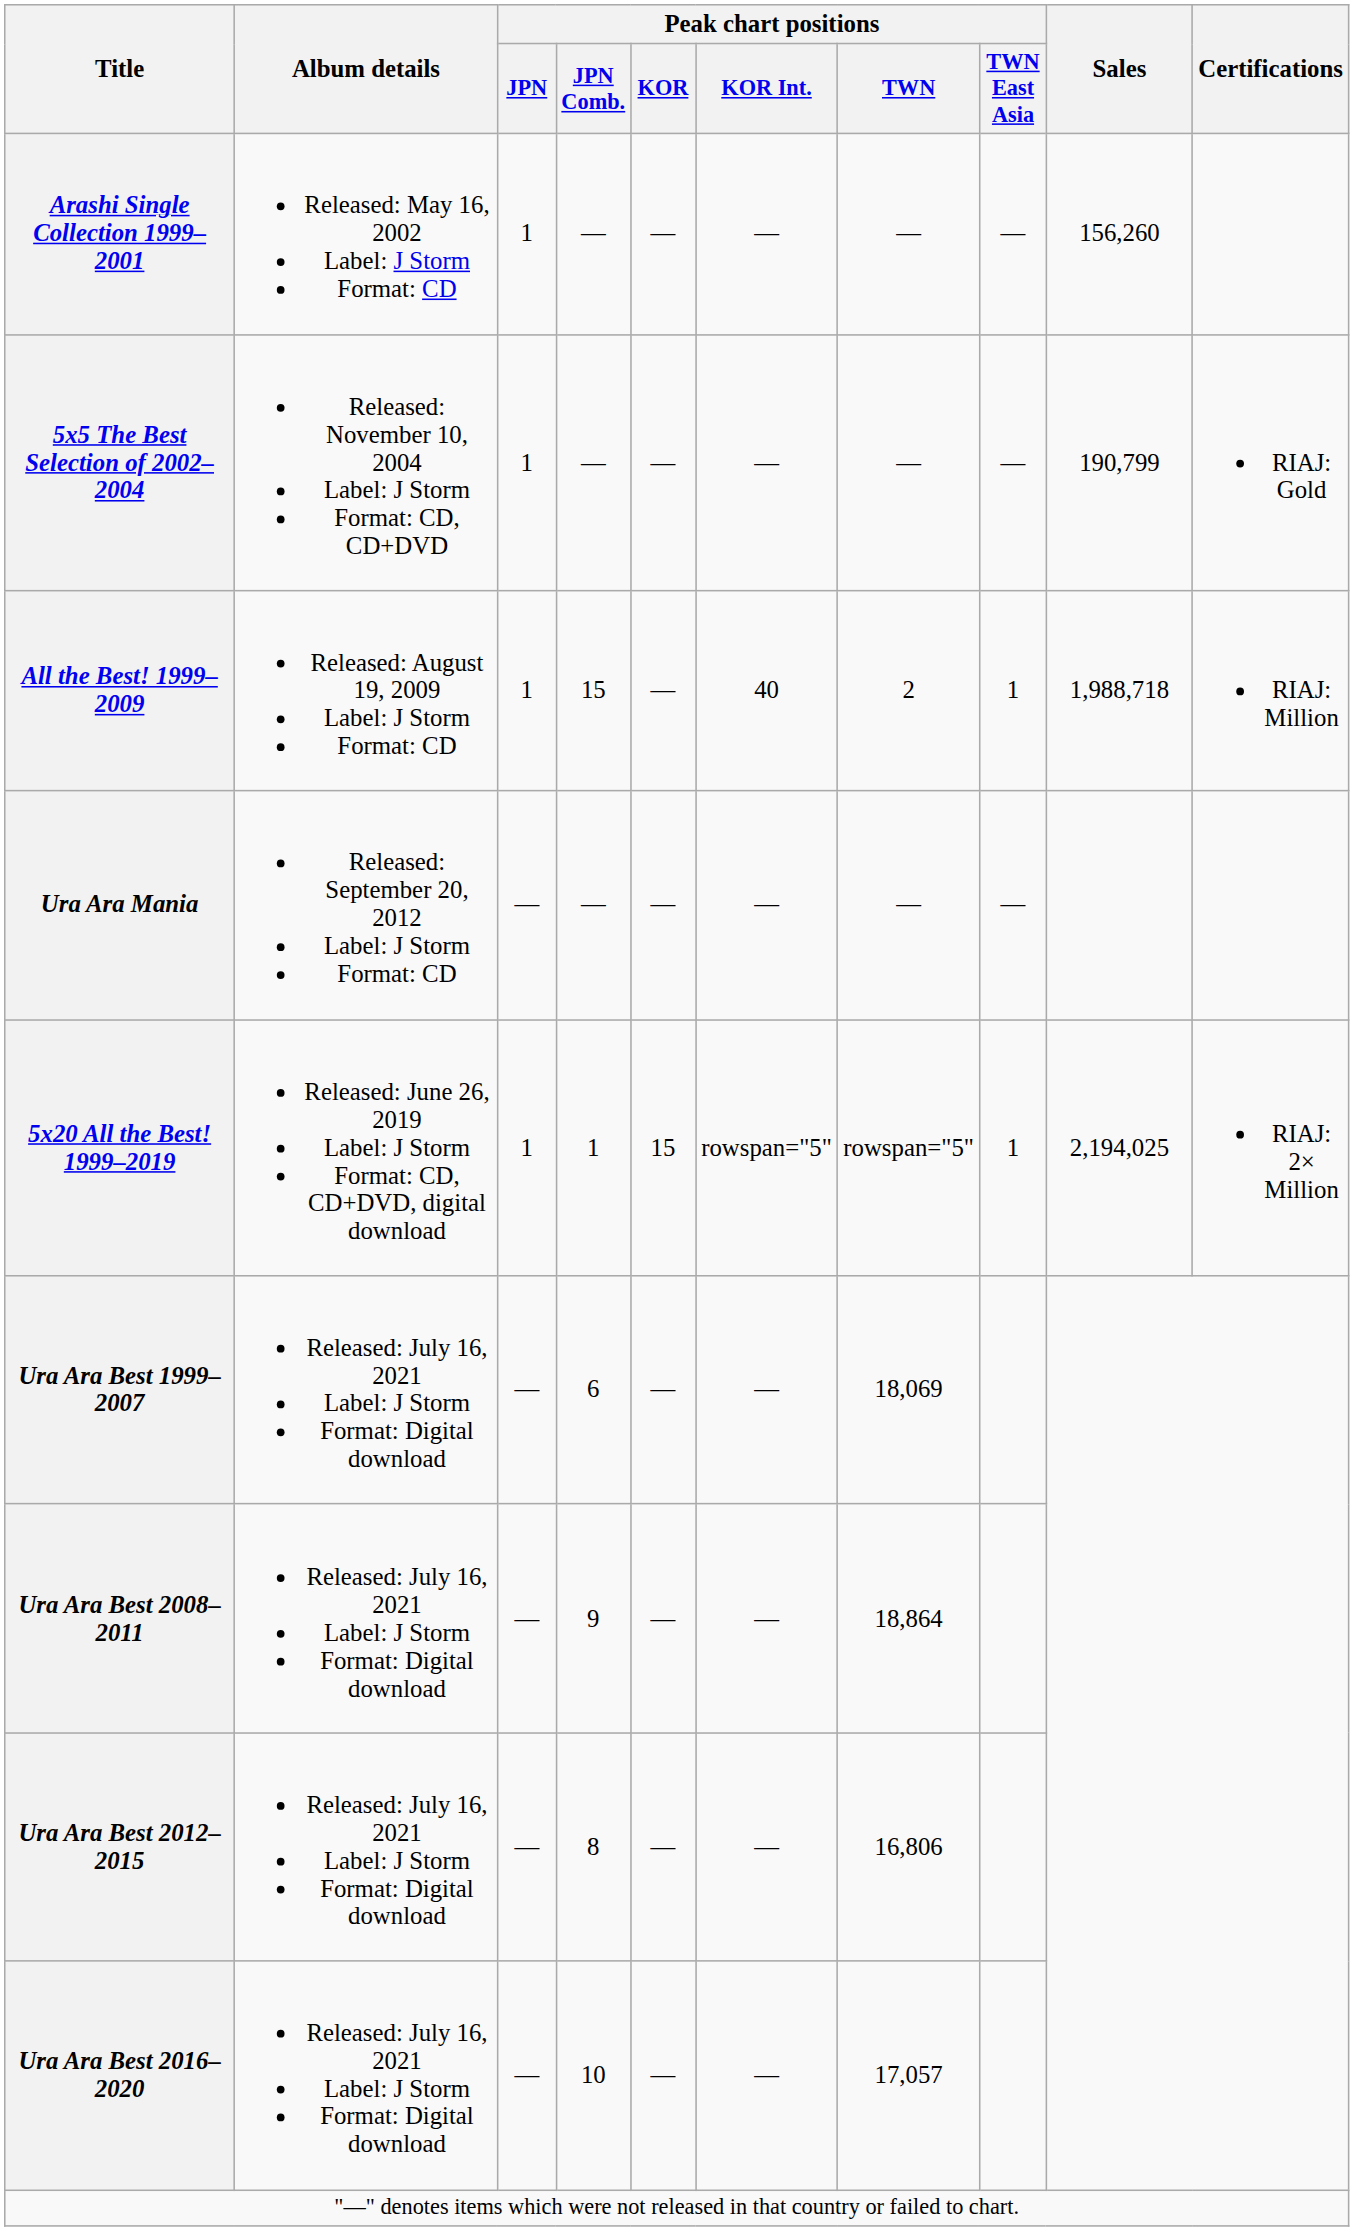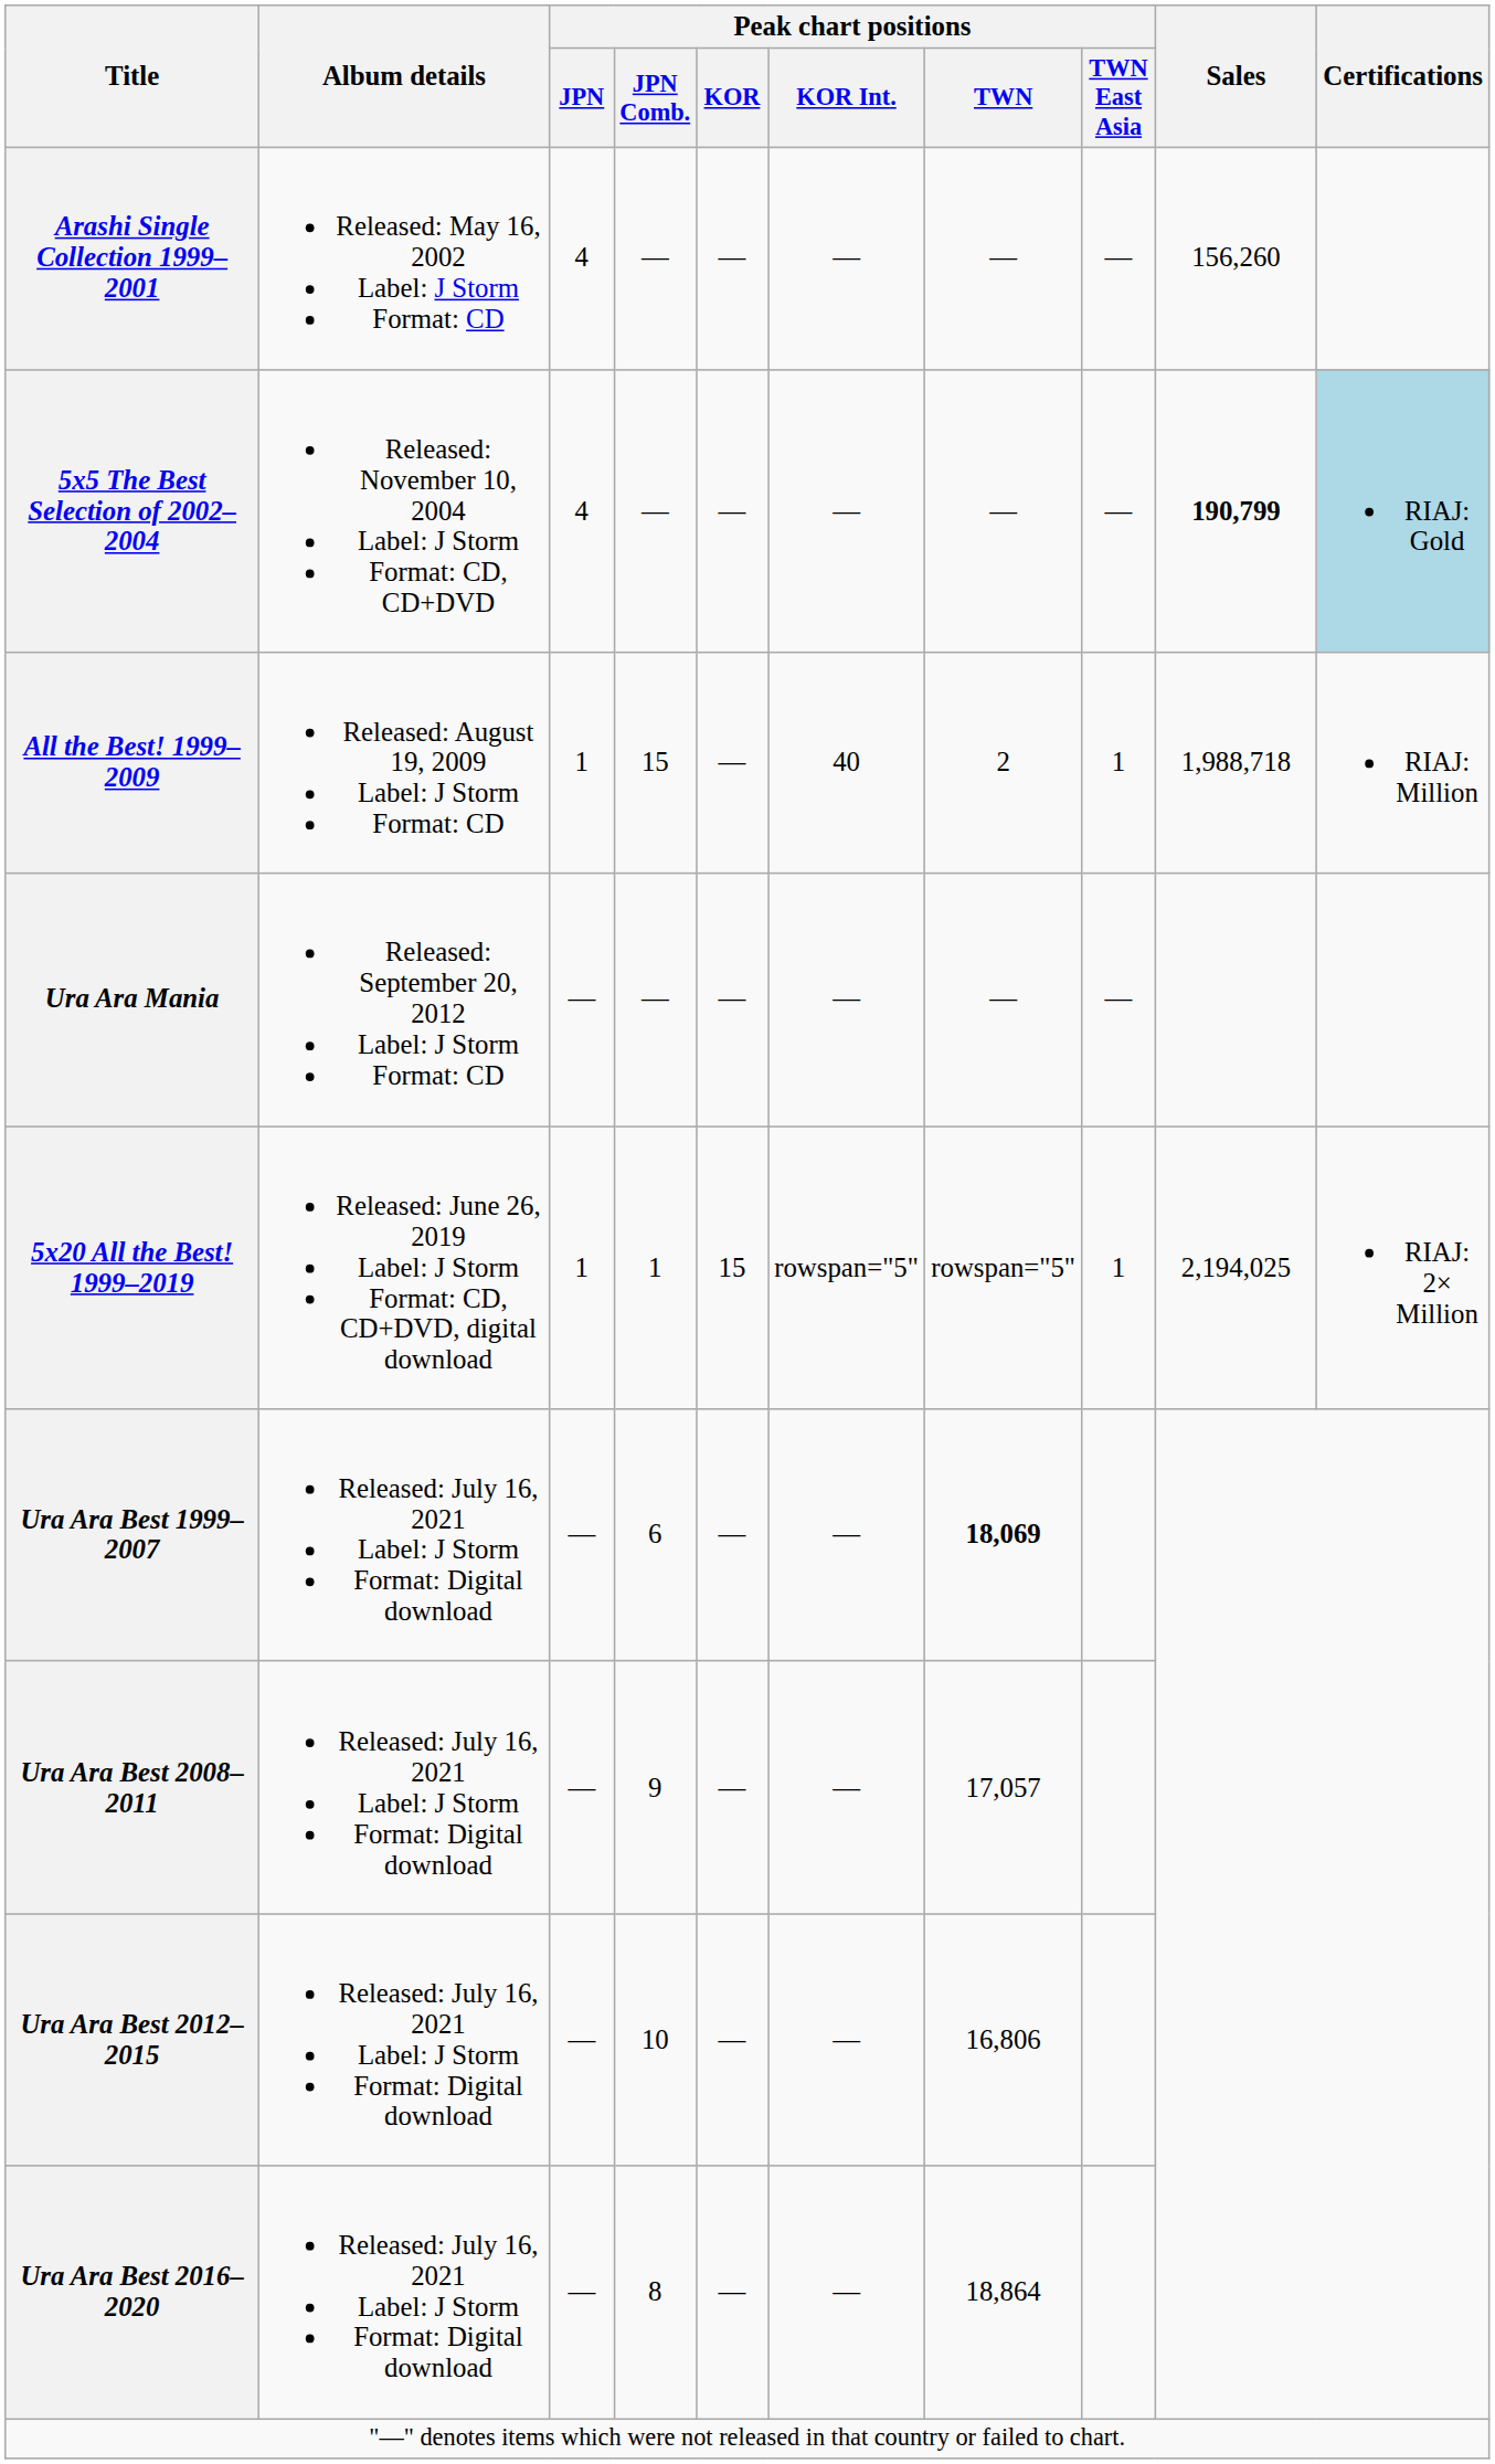 <table class="wikitable plainrowheaders" style="text-align:center;" border="1">
 <tr>
 <th scope="col" rowspan="2" style="width:17em;">Title</th>
 <th scope="col" rowspan="2" style="width:16em;">Album details</th>
 <th scope="col" colspan="6">Peak chart positions</th>
 <th rowspan="2" style="width:8em;">Sales</th>
 <th rowspan="2" scope="col">Certifications</th>
 </tr>
 <tr>
 <th scope="col" style="width:2.75em;font-size:90%;"><a href='#'>JPN</a><br></th>
 <th scope="col" style="width:2.75em;font-size:90%;"><a href='#'>JPN<br>Comb.</a><br></th>
 <th scope="col" style="width:2.75em;font-size:90%;"><a href='#'>KOR</a><br></th>
 <th scope="col" style="width:2.75em;font-size:90%;"><a href='#'>KOR Int.</a><br></th>
 <th scope="col" style="width:2.75em;font-size:90%;"><a href='#'>TWN</a><br></th>
 <th scope="col" style="width:2.75em;font-size:90%;"><a href='#'>TWN East Asia</a><br></th>
 </tr>
 <tr>
 <th scope="row"><em><a href='#'>Arashi Single Collection 1999–2001</a></em></th>
 <td><br><ul><li>Released: May 16, 2002</li><li>Label: <a href='#'>J Storm</a></li><li>Format: <a href='#'>CD</a></li></ul></td>
-<td>1</td>
+<td>4</td>
 <td>—</td>
 <td>—</td>
 <td>—</td>
 <td>—</td>
 <td>—</td>
 <td>156,260</td>
 <td></td>
 </tr>
 <tr>
 <th scope="row"><em><a href='#'>5x5 The Best Selection of 2002–2004</a></em></th>
 <td><br><ul><li>Released: November 10, 2004</li><li>Label: J Storm</li><li>Format: CD, CD+DVD</li></ul></td>
-<td>1</td>
+<td>4</td>
 <td>—</td>
 <td>—</td>
 <td>—</td>
 <td>—</td>
 <td>—</td>
-<td>190,799</td>
-<td><br><ul><li>RIAJ: Gold</li></ul></td>
+<td><strong>190,799</strong></td>
+<td style="background: lightblue;"><br><ul><li>RIAJ: Gold</li></ul></td>
 </tr>
 <tr>
 <th scope="row"><em><a href='#'>All the Best! 1999–2009</a></em></th>
 <td><br><ul><li>Released: August 19, 2009</li><li>Label: J Storm</li><li>Format: CD</li></ul></td>
 <td>1</td>
 <td>15</td>
 <td>—</td>
 <td>40</td>
 <td>2</td>
 <td>1</td>
 <td>1,988,718</td>
 <td><br><ul><li>RIAJ: Million</li></ul></td>
 </tr>
 <tr>
 <th scope="row"><em>Ura Ara Mania</em></th>
 <td><br><ul><li>Released: September 20, 2012</li><li>Label: J Storm</li><li>Format: CD</li></ul></td>
 <td>—</td>
 <td>—</td>
 <td>—</td>
 <td>—</td>
 <td>—</td>
 <td>—</td>
 <td></td>
 <td></td>
 </tr>
 <tr>
 <th scope="row"><em><a href='#'>5x20 All the Best! 1999–2019</a></em></th>
 <td><br><ul><li>Released: June 26, 2019</li><li>Label: J Storm</li><li>Format: CD, CD+DVD, digital download</li></ul></td>
 <td>1</td>
 <td>1</td>
 <td>15</td>
 <td>rowspan="5" </td>
 <td>rowspan="5" </td>
 <td>1</td>
 <td>2,194,025</td>
 <td><br><ul><li>RIAJ: 2× Million</li></ul></td>
 </tr>
 <tr>
 <th scope="row"><em>Ura Ara Best 1999–2007</em></th>
 <td><br><ul><li>Released: July 16, 2021</li><li>Label: J Storm</li><li>Format: Digital download</li></ul></td>
 <td>—</td>
 <td>6</td>
 <td>—</td>
 <td>—</td>
-<td>18,069</td>
+<td><strong>18,069</strong></td>
 <td></td>
 </tr>
 <tr>
 <th scope="row"><em>Ura Ara Best 2008–2011</em></th>
 <td><br><ul><li>Released: July 16, 2021</li><li>Label: J Storm</li><li>Format: Digital download</li></ul></td>
 <td>—</td>
 <td>9</td>
 <td>—</td>
 <td>—</td>
-<td>18,864</td>
+<td>17,057</td>
 <td></td>
 </tr>
 <tr>
 <th scope="row"><em>Ura Ara Best 2012–2015</em></th>
 <td><br><ul><li>Released: July 16, 2021</li><li>Label: J Storm</li><li>Format: Digital download</li></ul></td>
 <td>—</td>
-<td>8</td>
+<td>10</td>
 <td>—</td>
 <td>—</td>
 <td>16,806</td>
 <td></td>
 </tr>
 <tr>
 <th scope="row"><em>Ura Ara Best 2016–2020</em></th>
 <td><br><ul><li>Released: July 16, 2021</li><li>Label: J Storm</li><li>Format: Digital download</li></ul></td>
 <td>—</td>
-<td>10</td>
+<td>8</td>
 <td>—</td>
 <td>—</td>
-<td>17,057</td>
+<td>18,864</td>
 <td></td>
 </tr>
 <tr>
 <td colspan="10" style="font-size:90%;">"—" denotes items which were not released in that country or failed to chart.</td>
 </tr>
 </table>
